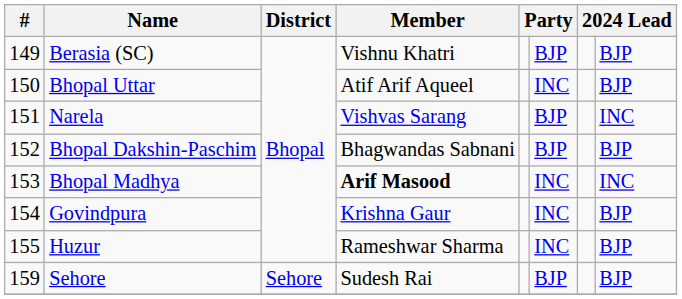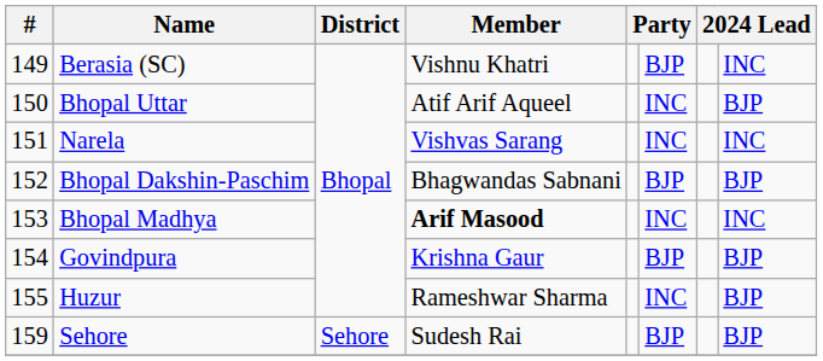 <table class="wikitable">
 <tr>
 <th>#</th>
 <th>Name</th>
 <th>District</th>
 <th>Member</th>
 <th colspan="2">Party</th>
 <th colspan="2">2024 Lead</th>
 </tr>
 <tr>
 <td>149</td>
 <td><a href='#'>Berasia</a> (SC)</td>
 <td rowspan="7"><a href='#'>Bhopal</a></td>
 <td>Vishnu Khatri</td>
 <td style="background-color: "></td>
 <td><a href='#'>BJP</a></td>
 <td style="background-color: "></td>
-<td><a href='#'>BJP</a></td>
+<td><a href='#'>INC</a></td>
 </tr>
 <tr>
 <td>150</td>
 <td><a href='#'>Bhopal Uttar</a></td>
 <td>Atif Arif Aqueel</td>
 <td style="background-color: "></td>
 <td><a href='#'>INC</a></td>
 <td style="background-color: "></td>
 <td><a href='#'>BJP</a></td>
 </tr>
 <tr>
 <td>151</td>
 <td><a href='#'>Narela</a></td>
 <td><a href='#'>Vishvas Sarang</a></td>
 <td style="background-color: "></td>
-<td><a href='#'>BJP</a></td>
+<td><a href='#'>INC</a></td>
 <td style="background-color: "></td>
 <td><a href='#'>INC</a></td>
 </tr>
 <tr>
 <td>152</td>
 <td><a href='#'>Bhopal Dakshin-Paschim</a></td>
 <td>Bhagwandas Sabnani</td>
 <td style="background-color: "></td>
 <td><a href='#'>BJP</a></td>
 <td style="background-color: "></td>
 <td><a href='#'>BJP</a></td>
 </tr>
 <tr>
 <td>153</td>
 <td><a href='#'>Bhopal Madhya</a></td>
 <td><strong>Arif Masood</strong></td>
 <td style="background-color: "></td>
 <td><a href='#'>INC</a></td>
 <td style="background-color: "></td>
 <td><a href='#'>INC</a></td>
 </tr>
 <tr>
 <td>154</td>
 <td><a href='#'>Govindpura</a></td>
 <td><a href='#'>Krishna Gaur</a></td>
 <td style="background-color: "></td>
-<td><a href='#'>INC</a></td>
+<td><a href='#'>BJP</a></td>
 <td style="background-color: "></td>
 <td><a href='#'>BJP</a></td>
 </tr>
 <tr>
 <td>155</td>
 <td><a href='#'>Huzur</a></td>
 <td>Rameshwar Sharma</td>
 <td style="background-color: "></td>
 <td><a href='#'>INC</a></td>
 <td style="background-color: "></td>
 <td><a href='#'>BJP</a></td>
 </tr>
 <tr>
 <td>159</td>
 <td><a href='#'>Sehore</a></td>
 <td><a href='#'>Sehore</a></td>
 <td>Sudesh Rai</td>
 <td style="background-color: "></td>
 <td><a href='#'>BJP</a></td>
 <td style="background-color: "></td>
 <td><a href='#'>BJP</a></td>
 </tr>
 <tr>
 </tr>
 </table>
